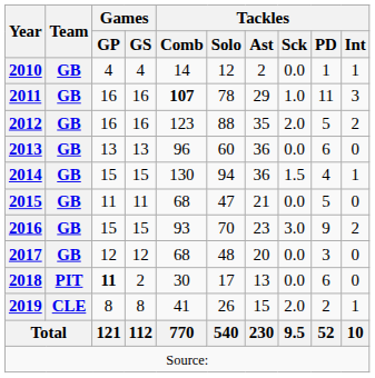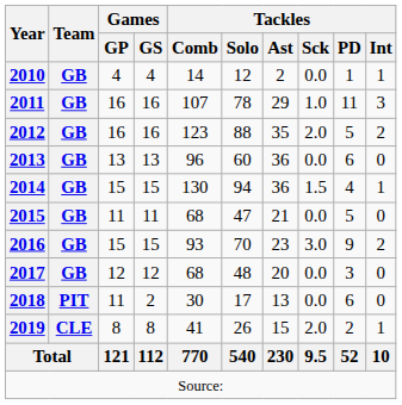 <table class=wikitable style="text-align:center;">
 <tr>
 <th rowspan="2">Year</th>
 <th rowspan="2">Team</th>
 <th colspan="2">Games</th>
 <th colspan="6">Tackles</th>
 </tr>
 <tr>
 <th>GP</th>
 <th>GS</th>
 <th>Comb</th>
 <th>Solo</th>
 <th>Ast</th>
 <th>Sck</th>
 <th>PD</th>
 <th>Int</th>
 </tr>
 <tr>
 <th><a href='#'>2010</a></th>
 <th><a href='#'>GB</a></th>
 <td>4</td>
 <td>4</td>
 <td>14</td>
 <td>12</td>
 <td>2</td>
 <td>0.0</td>
 <td>1</td>
 <td>1</td>
 </tr>
 <tr>
 <th><a href='#'>2011</a></th>
 <th><a href='#'>GB</a></th>
 <td>16</td>
 <td>16</td>
-<td><strong>107</strong></td>
+<td>107</td>
 <td>78</td>
 <td>29</td>
 <td>1.0</td>
 <td>11</td>
 <td>3</td>
 </tr>
 <tr>
 <th><a href='#'>2012</a></th>
 <th><a href='#'>GB</a></th>
 <td>16</td>
 <td>16</td>
 <td>123</td>
 <td>88</td>
 <td>35</td>
 <td>2.0</td>
 <td>5</td>
 <td>2</td>
 </tr>
 <tr>
 <th><a href='#'>2013</a></th>
 <th><a href='#'>GB</a></th>
 <td>13</td>
 <td>13</td>
 <td>96</td>
 <td>60</td>
 <td>36</td>
 <td>0.0</td>
 <td>6</td>
 <td>0</td>
 </tr>
 <tr>
 <th><a href='#'>2014</a></th>
 <th><a href='#'>GB</a></th>
 <td>15</td>
 <td>15</td>
 <td>130</td>
 <td>94</td>
 <td>36</td>
 <td>1.5</td>
 <td>4</td>
 <td>1</td>
 </tr>
 <tr>
 <th><a href='#'>2015</a></th>
 <th><a href='#'>GB</a></th>
 <td>11</td>
 <td>11</td>
 <td>68</td>
 <td>47</td>
 <td>21</td>
 <td>0.0</td>
 <td>5</td>
 <td>0</td>
 </tr>
 <tr>
 <th><a href='#'>2016</a></th>
 <th><a href='#'>GB</a></th>
 <td>15</td>
 <td>15</td>
 <td>93</td>
 <td>70</td>
 <td>23</td>
 <td>3.0</td>
 <td>9</td>
 <td>2</td>
 </tr>
 <tr>
 <th><a href='#'>2017</a></th>
 <th><a href='#'>GB</a></th>
 <td>12</td>
 <td>12</td>
 <td>68</td>
 <td>48</td>
 <td>20</td>
 <td>0.0</td>
 <td>3</td>
 <td>0</td>
 </tr>
 <tr>
 <th><a href='#'>2018</a></th>
 <th><a href='#'>PIT</a></th>
-<td><strong>11</strong></td>
+<td>11</td>
 <td>2</td>
 <td>30</td>
 <td>17</td>
 <td>13</td>
 <td>0.0</td>
 <td>6</td>
 <td>0</td>
 </tr>
 <tr>
 <th><a href='#'>2019</a></th>
 <th><a href='#'>CLE</a></th>
 <td>8</td>
 <td>8</td>
 <td>41</td>
 <td>26</td>
 <td>15</td>
 <td>2.0</td>
 <td>2</td>
 <td>1</td>
 </tr>
 <tr>
 <th colspan="2">Total</th>
 <th>121</th>
 <th>112</th>
 <th>770</th>
 <th>540</th>
 <th>230</th>
 <th>9.5</th>
 <th>52</th>
 <th>10</th>
 </tr>
 <tr>
 <td colspan="10"><small>Source: </small></td>
 </tr>
 </table>
